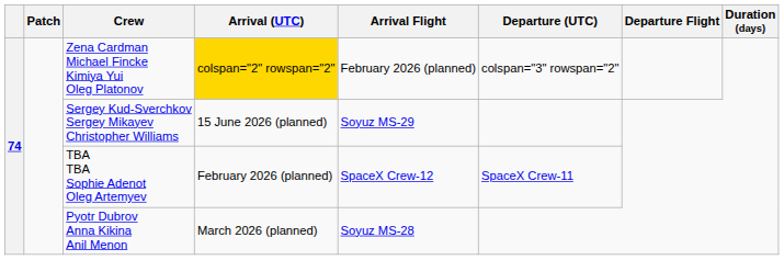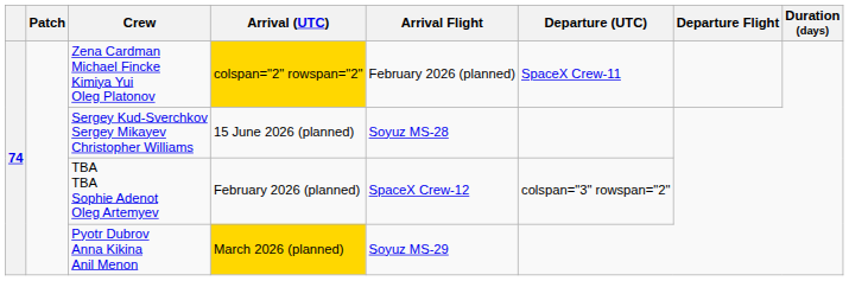 <table class="wikitable sticky-header">
 <tr>
 <th></th>
 <th>Patch</th>
 <th>Crew</th>
 <th>Arrival (<a href='#'>UTC</a>)</th>
 <th>Arrival Flight</th>
 <th>Departure (UTC)</th>
 <th>Departure Flight</th>
 <th>Duration<br><small>(days)</small></th>
 </tr>
 <tr>
 <th rowspan="4"><a href='#'>74</a></th>
 <td rowspan="4"></td>
 <td> <a href='#'>Zena Cardman</a><br> <a href='#'>Michael Fincke</a><br> <a href='#'>Kimiya Yui</a><br> <a href='#'>Oleg Platonov</a></td>
 <td style="background: gold;">colspan="2" rowspan="2" </td>
 <td>February 2026 (planned)</td>
-<td>colspan="3" rowspan="2" </td>
+<td><a href='#'>SpaceX Crew-11</a></td>
 <td></td>
 </tr>
 <tr>
 <td> <a href='#'>Sergey Kud-Sverchkov</a><br> <a href='#'>Sergey Mikayev</a><br> <a href='#'>Christopher Williams</a></td>
 <td>15 June 2026 (planned)</td>
-<td><a href='#'>Soyuz MS-29</a></td>
+<td><a href='#'>Soyuz MS-28</a></td>
 <td></td>
 </tr>
 <tr>
 <td> TBA<br> TBA<br> <a href='#'>Sophie Adenot</a><br> <a href='#'>Oleg Artemyev</a></td>
 <td>February 2026 (planned)</td>
 <td><a href='#'>SpaceX Crew-12</a></td>
-<td><a href='#'>SpaceX Crew-11</a></td>
+<td>colspan="3" rowspan="2" </td>
 </tr>
 <tr>
 <td> <a href='#'>Pyotr Dubrov</a><br> <a href='#'>Anna Kikina</a><br> <a href='#'>Anil Menon</a></td>
-<td>March 2026 (planned)</td>
-<td><a href='#'>Soyuz MS-28</a></td>
+<td style="background: gold;">March 2026 (planned)</td>
+<td><a href='#'>Soyuz MS-29</a></td>
 </tr>
 </table>
